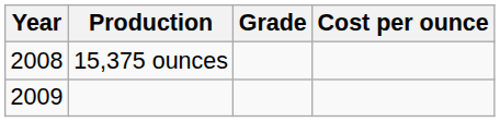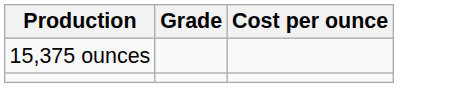 <table class="wikitable">
 <tr style="text-align:center;">
-<th>Year</th>
 <th>Production</th>
 <th>Grade</th>
 <th>Cost per ounce</th>
 </tr>
 <tr style="text-align:center;">
-<td>2008</td>
 <td>15,375 ounces</td>
 <td></td>
 <td></td>
 </tr>
 <tr style="text-align:center;">
-<td>2009</td>
 <td></td>
 <td></td>
 <td></td>
 </tr>
 </table>
